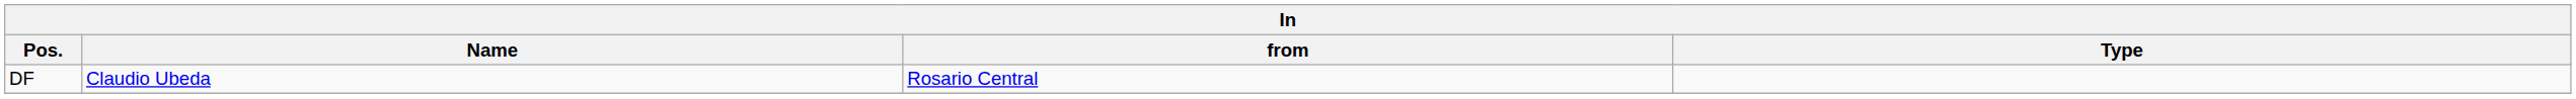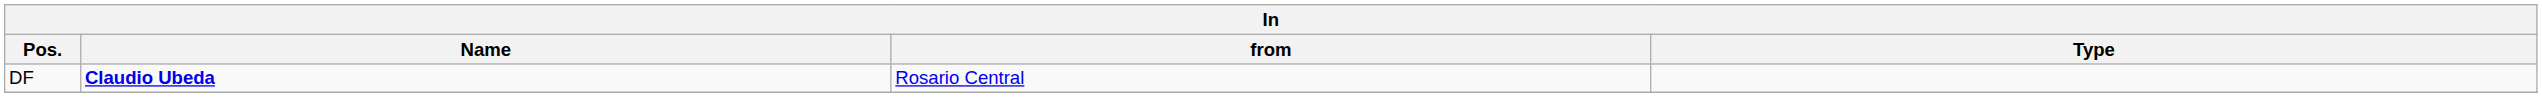 <table class="wikitable" style="font-size:90%;width:99%;">
 <tr>
 <th colspan="4">In</th>
 </tr>
 <tr>
 <th width=3%>Pos.</th>
 <th width=32%>Name</th>
 <th width=30%>from</th>
 <th width=35%>Type</th>
 </tr>
 <tr>
 <td>DF</td>
-<td><a href='#'>Claudio Ubeda</a></td>
+<td><strong><a href='#'>Claudio Ubeda</a></strong></td>
 <td><a href='#'>Rosario Central</a></td>
 <td></td>
 </tr>
 <tr>
 </tr>
 </table>
